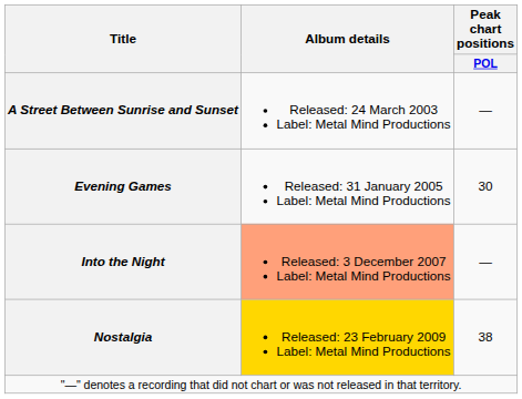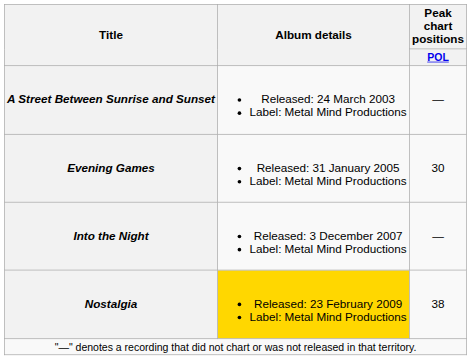 <table class="wikitable plainrowheaders" style="text-align:center;">
 <tr>
 <th scope="col" rowspan="2">Title</th>
 <th scope="col" rowspan="2">Album details</th>
 <th scope="col" colspan="1">Peak chart positions</th>
 </tr>
 <tr>
 <th scope="col" style="width:3em;font-size:90%;"><a href='#'>POL</a><br></th>
 </tr>
 <tr>
 <th scope="row"><em>A Street Between Sunrise and Sunset</em></th>
 <td><br><ul><li>Released: 24 March 2003</li><li>Label: Metal Mind Productions</li></ul></td>
 <td>—</td>
 </tr>
 <tr>
 <th scope="row"><em>Evening Games</em></th>
 <td><br><ul><li>Released: 31 January 2005</li><li>Label: Metal Mind Productions</li></ul></td>
 <td>30</td>
 </tr>
 <tr>
 <th scope="row"><em>Into the Night</em></th>
-<td style="background: lightsalmon;"><br><ul><li>Released: 3 December 2007</li><li>Label: Metal Mind Productions</li></ul></td>
+<td><br><ul><li>Released: 3 December 2007</li><li>Label: Metal Mind Productions</li></ul></td>
 <td>—</td>
 </tr>
 <tr>
 <th scope="row"><em>Nostalgia</em></th>
 <td style="background: gold;"><br><ul><li>Released: 23 February 2009</li><li>Label: Metal Mind Productions</li></ul></td>
 <td>38</td>
 </tr>
 <tr>
 <td colspan="10" style="font-size:90%">"—" denotes a recording that did not chart or was not released in that territory.</td>
 </tr>
 </table>
